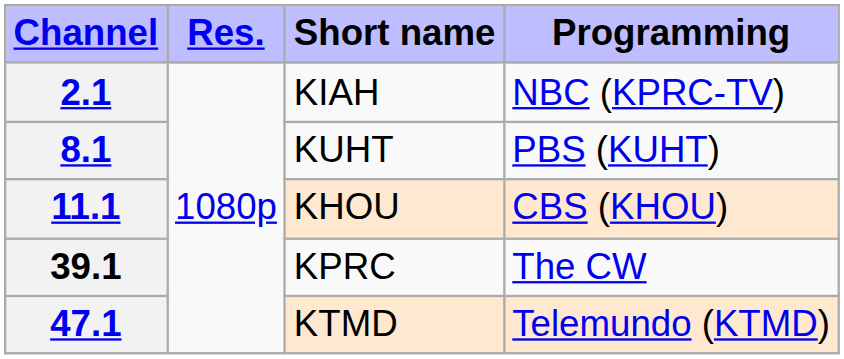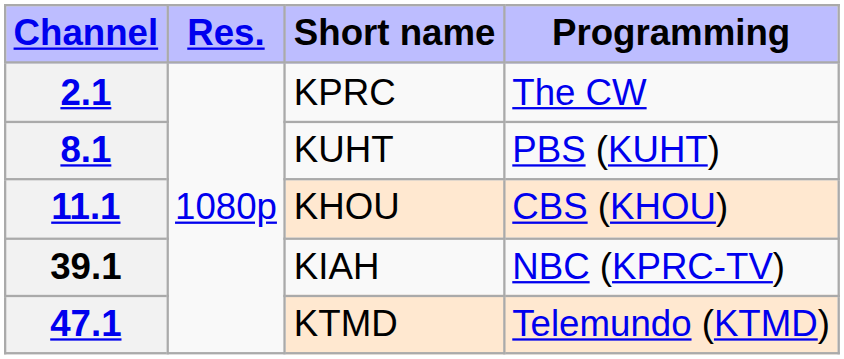 <table class="wikitable">
 <tr>
 <th style="background-color: #bdbdff" scope = "col"><a href='#'>Channel</a></th>
 <th style="background-color: #bdbdff" scope = "col"><a href='#'>Res.</a></th>
 <th style="background-color: #bdbdff" scope = "col">Short name</th>
 <th style="background-color: #bdbdff" scope = "col">Programming</th>
 </tr>
 <tr>
 <th scope = "row"><a href='#'>2.1</a></th>
 <td rowspan="5"><a href='#'>1080p</a></td>
-<td>KIAH</td>
-<td><a href='#'>NBC</a> (<a href='#'>KPRC-TV</a>)</td>
+<td>KPRC</td>
+<td><a href='#'>The CW</a></td>
 </tr>
 <tr>
 <th scope = "row"><a href='#'>8.1</a></th>
 <td>KUHT</td>
 <td><a href='#'>PBS</a> (<a href='#'>KUHT</a>)</td>
 </tr>
 <tr>
 <th scope = "row"><a href='#'>11.1</a></th>
 <td style="background-color: #ffe8d0">KHOU</td>
 <td style="background-color: #ffe8d0"><a href='#'>CBS</a> (<a href='#'>KHOU</a>) </td>
 </tr>
 <tr>
 <th scope = "row">39.1</th>
-<td>KPRC</td>
-<td><a href='#'>The CW</a></td>
+<td>KIAH</td>
+<td><a href='#'>NBC</a> (<a href='#'>KPRC-TV</a>)</td>
 </tr>
 <tr>
 <th scope = "row"><a href='#'>47.1</a></th>
 <td style="background-color: #ffe8d0">KTMD</td>
 <td style="background-color: #ffe8d0"><a href='#'>Telemundo</a> (<a href='#'>KTMD</a>) </td>
 </tr>
 </table>
